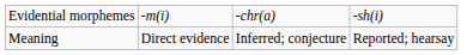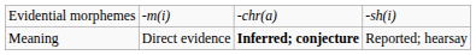 <table class="wikitable">
 <tr>
 <td>Evidential morphemes</td>
 <td><em>-m(i)</em></td>
 <td><em>-chr(a)</em></td>
 <td><em>-sh(i)</em></td>
 </tr>
 <tr>
 <td>Meaning</td>
 <td>Direct evidence</td>
-<td>Inferred; conjecture</td>
+<td><strong>Inferred; conjecture</strong></td>
 <td>Reported; hearsay</td>
 </tr>
 </table>
